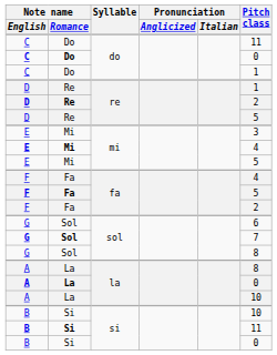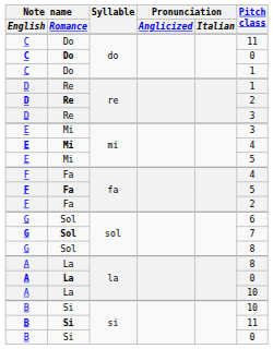 <table class="wikitable" style="margin:0.2em auto;text-align:center">
 <tr style="vertical-align:top">
 <th colspan="2">Note name</th>
 <th rowspan="2">Syllable</th>
 <th colspan="2">Pronunciation</th>
 <th rowspan="2"><a href='#'>Pitch <br>class</a></th>
 </tr>
 <tr style="vertical-align:top;">
 <th><em>English</em></th>
 <th><em><a href='#'>Romance</a></em></th>
 <th><em><a href='#'>Anglicized</a></em></th>
 <th><em>Italian</em></th>
 </tr>
 <tr>
 <td style="border-top-width:2px"><a href='#'>C</a></td>
 <td style="border-top-width:2px">Do</td>
 <td style="border-top-width:2px" rowspan="3">do</td>
 <td style="border-top-width:2px" rowspan="3"></td>
 <td style="border-top-width:2px" rowspan="3"></td>
 <td style="border-top-width:2px">11</td>
 </tr>
 <tr>
 <td><strong><a href='#'>C</a></strong></td>
 <td><strong>Do</strong></td>
 <td>0</td>
 </tr>
 <tr>
 <td><a href='#'>C</a></td>
 <td>Do</td>
 <td>1</td>
 </tr>
 <tr style="background:#f2f2f2">
 <td style="border-top-width:2px"><a href='#'>D</a></td>
 <td style="border-top-width:2px">Re</td>
 <td style="border-top-width:2px" rowspan="3">re</td>
 <td style="border-top-width:2px" rowspan="3"></td>
 <td style="border-top-width:2px" rowspan="3"></td>
 <td style="border-top-width:2px">1</td>
 </tr>
 <tr style="background:#f2f2f2">
 <td><strong><a href='#'>D</a></strong></td>
 <td><strong>Re</strong></td>
 <td>2</td>
 </tr>
 <tr style="background:#f2f2f2">
 <td><a href='#'>D</a></td>
 <td>Re</td>
-<td>5</td>
+<td>3</td>
 </tr>
 <tr>
 <td style="border-top-width:2px"><a href='#'>E</a></td>
 <td style="border-top-width:2px">Mi</td>
 <td style="border-top-width:2px" rowspan="3">mi</td>
 <td style="border-top-width:2px" rowspan="3"></td>
 <td style="border-top-width:2px" rowspan="3"></td>
 <td style="border-top-width:2px">3</td>
 </tr>
 <tr>
 <td><strong><a href='#'>E</a></strong></td>
 <td><strong>Mi</strong></td>
 <td>4</td>
 </tr>
 <tr>
 <td><a href='#'>E</a></td>
 <td>Mi</td>
 <td>5</td>
 </tr>
 <tr style="background:#f2f2f2">
 <td style="border-top-width:2px"><a href='#'>F</a></td>
 <td style="border-top-width:2px">Fa</td>
 <td style="border-top-width:2px" rowspan="3">fa</td>
 <td style="border-top-width:2px" rowspan="3"></td>
 <td style="border-top-width:2px" rowspan="3"></td>
 <td style="border-top-width:2px">4</td>
 </tr>
 <tr style="background:#f2f2f2">
 <td><strong><a href='#'>F</a></strong></td>
 <td><strong>Fa</strong></td>
 <td>5</td>
 </tr>
 <tr style="background:#f2f2f2">
 <td><a href='#'>F</a></td>
 <td>Fa</td>
 <td>2</td>
 </tr>
 <tr>
 <td style="border-top-width:2px"><a href='#'>G</a></td>
 <td style="border-top-width:2px">Sol</td>
 <td style="border-top-width:2px" rowspan="3">sol</td>
 <td style="border-top-width:2px" rowspan="3"></td>
 <td style="border-top-width:2px" rowspan="3"></td>
 <td style="border-top-width:2px">6</td>
 </tr>
 <tr>
 <td><strong><a href='#'>G</a></strong></td>
 <td><strong>Sol</strong></td>
 <td>7</td>
 </tr>
 <tr>
 <td><a href='#'>G</a></td>
 <td>Sol</td>
 <td>8</td>
 </tr>
 <tr style="background:#f2f2f2">
 <td style="border-top-width:2px"><a href='#'>A</a></td>
 <td style="border-top-width:2px">La</td>
 <td style="border-top-width:2px" rowspan="3">la</td>
 <td style="border-top-width:2px" rowspan="3"></td>
 <td style="border-top-width:2px" rowspan="3"></td>
 <td style="border-top-width:2px">8</td>
 </tr>
 <tr style="background:#f2f2f2">
 <td><strong><a href='#'>A</a></strong></td>
 <td><strong>La</strong></td>
 <td>0</td>
 </tr>
 <tr style="background:#f2f2f2">
 <td><a href='#'>A</a></td>
 <td>La</td>
 <td>10</td>
 </tr>
 <tr>
 <td style="border-top-width:2px"><a href='#'>B</a></td>
 <td style="border-top-width:2px">Si</td>
 <td style="border-top-width:2px" rowspan="3">si</td>
 <td style="border-top-width:2px" rowspan="3"></td>
 <td style="border-top-width:2px" rowspan="3"></td>
 <td style="border-top-width:2px">10</td>
 </tr>
 <tr>
 <td><strong><a href='#'>B</a></strong></td>
 <td><strong>Si</strong></td>
 <td>11</td>
 </tr>
 <tr>
 <td><a href='#'>B</a></td>
 <td>Si</td>
 <td>0</td>
 </tr>
 </table>
